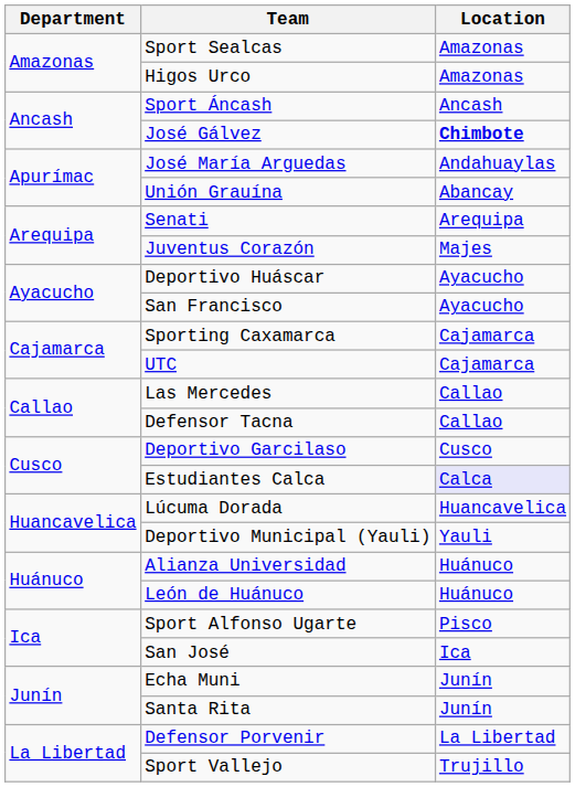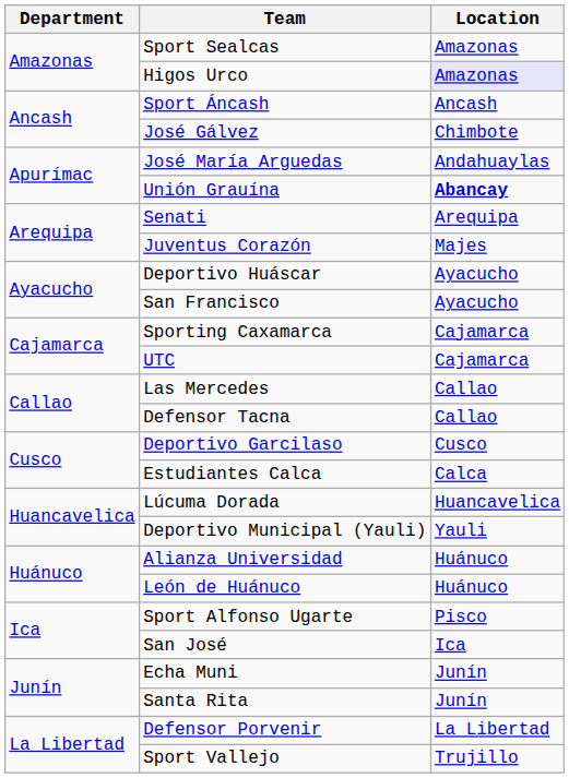 <table class="wikitable">
 <tr>
 <th>Department</th>
 <th>Team</th>
 <th>Location</th>
 </tr>
 <tr>
 <td rowspan="2"><a href='#'>Amazonas</a></td>
 <td>Sport Sealcas</td>
 <td><a href='#'>Amazonas</a></td>
 </tr>
 <tr>
 <td>Higos Urco</td>
-<td><a href='#'>Amazonas</a></td>
+<td style="background: lavender;"><a href='#'>Amazonas</a></td>
 </tr>
 <tr>
 <td rowspan="2"><a href='#'>Ancash</a></td>
 <td><a href='#'>Sport Áncash</a></td>
 <td><a href='#'>Ancash</a></td>
 </tr>
 <tr>
 <td><a href='#'>José Gálvez</a></td>
-<td><strong><a href='#'>Chimbote</a></strong></td>
+<td><a href='#'>Chimbote</a></td>
 </tr>
 <tr>
 <td rowspan="2"><a href='#'>Apurímac</a></td>
 <td><a href='#'>José María Arguedas</a></td>
 <td><a href='#'>Andahuaylas</a></td>
 </tr>
 <tr>
 <td><a href='#'>Unión Grauína</a></td>
-<td><a href='#'>Abancay</a></td>
+<td><strong><a href='#'>Abancay</a></strong></td>
 </tr>
 <tr>
 <td rowspan="2"><a href='#'>Arequipa</a></td>
 <td><a href='#'>Senati</a></td>
 <td><a href='#'>Arequipa</a></td>
 </tr>
 <tr>
 <td><a href='#'>Juventus Corazón</a></td>
 <td><a href='#'>Majes</a></td>
 </tr>
 <tr>
 <td rowspan="2"><a href='#'>Ayacucho</a></td>
 <td>Deportivo Huáscar</td>
 <td><a href='#'>Ayacucho</a></td>
 </tr>
 <tr>
 <td>San Francisco</td>
 <td><a href='#'>Ayacucho</a></td>
 </tr>
 <tr>
 <td rowspan="2"><a href='#'>Cajamarca</a></td>
 <td>Sporting Caxamarca</td>
 <td><a href='#'>Cajamarca</a></td>
 </tr>
 <tr>
 <td><a href='#'>UTC</a></td>
 <td><a href='#'>Cajamarca</a></td>
 </tr>
 <tr>
 <td rowspan="2"><a href='#'>Callao</a></td>
 <td>Las Mercedes</td>
 <td><a href='#'>Callao</a></td>
 </tr>
 <tr>
 <td>Defensor Tacna</td>
 <td><a href='#'>Callao</a></td>
 </tr>
 <tr>
 <td rowspan="2"><a href='#'>Cusco</a></td>
 <td><a href='#'>Deportivo Garcilaso</a></td>
 <td><a href='#'>Cusco</a></td>
 </tr>
 <tr>
 <td>Estudiantes Calca</td>
-<td style="background: lavender;"><a href='#'>Calca</a></td>
+<td><a href='#'>Calca</a></td>
 </tr>
 <tr>
 <td rowspan="2"><a href='#'>Huancavelica</a></td>
 <td>Lúcuma Dorada</td>
 <td><a href='#'>Huancavelica</a></td>
 </tr>
 <tr>
 <td>Deportivo Municipal (Yauli)</td>
 <td><a href='#'>Yauli</a></td>
 </tr>
 <tr>
 <td rowspan="2"><a href='#'>Huánuco</a></td>
 <td><a href='#'>Alianza Universidad</a></td>
 <td><a href='#'>Huánuco</a></td>
 </tr>
 <tr>
 <td><a href='#'>León de Huánuco</a></td>
 <td><a href='#'>Huánuco</a></td>
 </tr>
 <tr>
 <td rowspan="2"><a href='#'>Ica</a></td>
 <td>Sport Alfonso Ugarte</td>
 <td><a href='#'>Pisco</a></td>
 </tr>
 <tr>
 <td>San José</td>
 <td><a href='#'>Ica</a></td>
 </tr>
 <tr>
 <td rowspan="2"><a href='#'>Junín</a></td>
 <td>Echa Muni</td>
 <td><a href='#'>Junín</a></td>
 </tr>
 <tr>
 <td>Santa Rita</td>
 <td><a href='#'>Junín</a></td>
 </tr>
 <tr>
 <td rowspan="2"><a href='#'>La Libertad</a></td>
 <td><a href='#'>Defensor Porvenir</a></td>
 <td><a href='#'>La Libertad</a></td>
 </tr>
 <tr>
 <td>Sport Vallejo</td>
 <td><a href='#'>Trujillo</a></td>
 </tr>
 </table>
